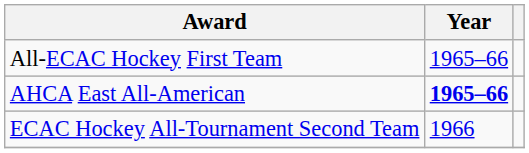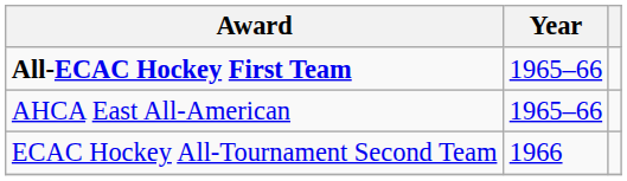 <table class="wikitable">
 <tr>
 <th>Award</th>
 <th>Year</th>
 <th></th>
 </tr>
 <tr>
-<td>All-<a href='#'>ECAC Hockey</a> <a href='#'>First Team</a></td>
+<td><strong>All-<a href='#'>ECAC Hockey</a> <a href='#'>First Team</a></strong></td>
 <td><a href='#'>1965–66</a></td>
 <td></td>
 </tr>
 <tr>
 <td><a href='#'>AHCA</a> <a href='#'>East All-American</a></td>
-<td><strong><a href='#'>1965–66</a></strong></td>
+<td><a href='#'>1965–66</a></td>
 <td></td>
 </tr>
 <tr>
 <td><a href='#'>ECAC Hockey</a> <a href='#'>All-Tournament Second Team</a></td>
 <td><a href='#'>1966</a></td>
 <td></td>
 </tr>
 <tr>
 </tr>
 </table>
